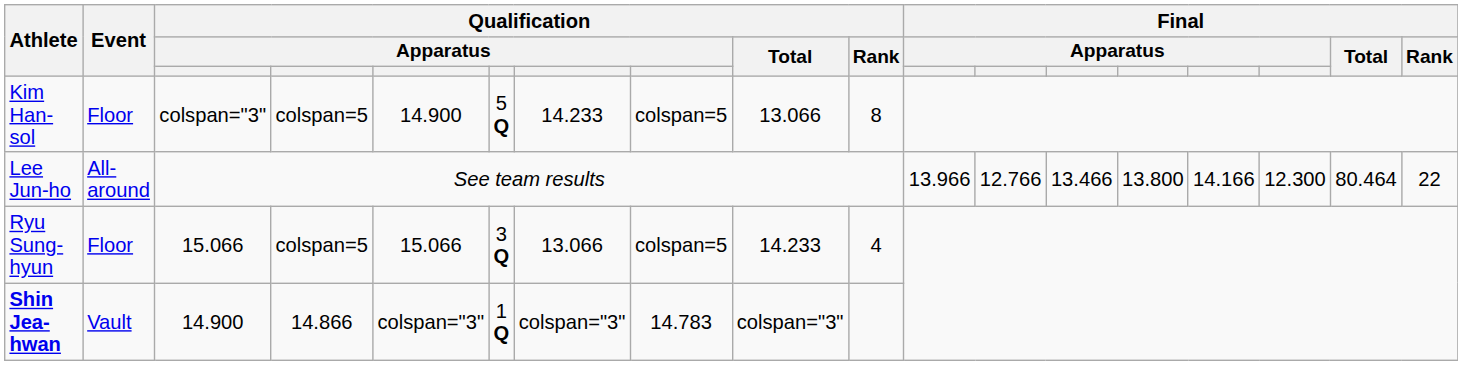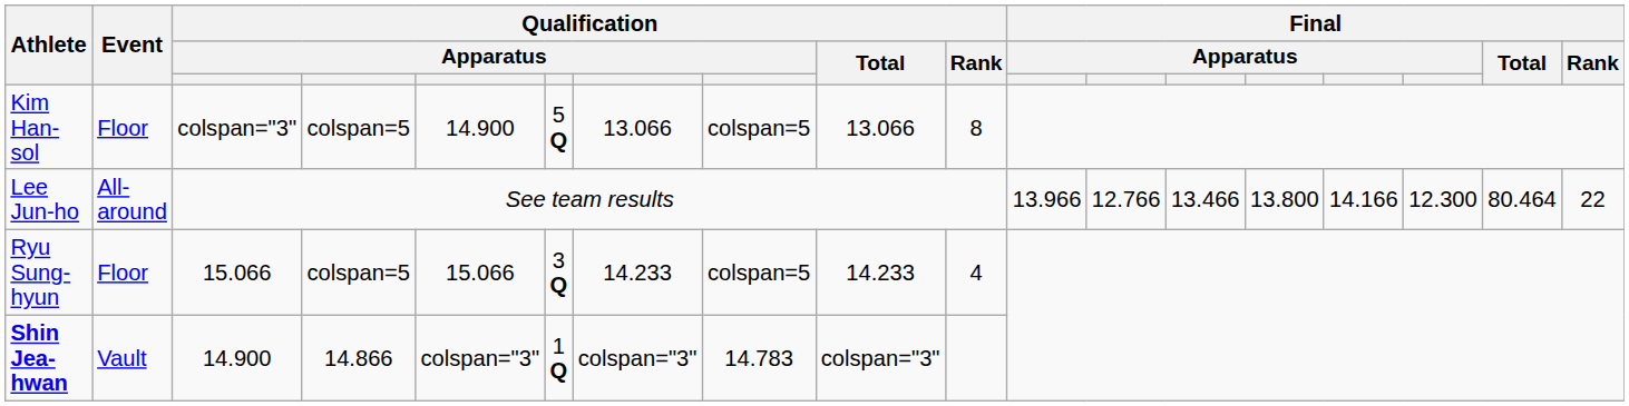 <table class="wikitable" style="font-size:90%; text-align:center">
 <tr>
 <th rowspan="3">Athlete</th>
 <th rowspan="3">Event</th>
 <th colspan="8">Qualification</th>
 <th colspan="8">Final</th>
 </tr>
 <tr style="font-size:95%">
 <th colspan="6">Apparatus</th>
 <th rowspan="2">Total</th>
 <th rowspan="2">Rank</th>
 <th colspan="6">Apparatus</th>
 <th rowspan="2">Total</th>
 <th rowspan="2">Rank</th>
 </tr>
 <tr style="font-size:95%">
 <th></th>
 <th></th>
 <th></th>
 <th></th>
 <th></th>
 <th></th>
 <th></th>
 <th></th>
 <th></th>
 <th></th>
 <th></th>
 <th></th>
 </tr>
 <tr>
 <td style="text-align:left"><a href='#'>Kim Han-sol</a></td>
 <td style="text-align:left"><a href='#'>Floor</a></td>
 <td>colspan="3" </td>
 <td>colspan=5 </td>
 <td>14.900</td>
 <td>5 <strong>Q</strong></td>
-<td>14.233</td>
+<td>13.066</td>
 <td>colspan=5 </td>
 <td>13.066</td>
 <td>8</td>
 </tr>
 <tr>
 <td style="text-align:left"><a href='#'>Lee Jun-ho</a></td>
 <td style="text-align:left"><a href='#'>All-around</a></td>
 <td colspan=8><em>See team results</em></td>
 <td>13.966</td>
 <td>12.766</td>
 <td>13.466</td>
 <td>13.800</td>
 <td>14.166</td>
 <td>12.300</td>
 <td>80.464</td>
 <td>22</td>
 </tr>
 <tr>
 <td style="text-align:left"><a href='#'>Ryu Sung-hyun</a></td>
 <td style="text-align:left"><a href='#'>Floor</a></td>
 <td>15.066</td>
 <td>colspan=5 </td>
 <td>15.066</td>
 <td>3 <strong>Q</strong></td>
-<td>13.066</td>
+<td>14.233</td>
 <td>colspan=5 </td>
 <td>14.233</td>
 <td>4</td>
 </tr>
 <tr>
 <td style="text-align:left"><strong><a href='#'>Shin Jea-hwan</a></strong></td>
 <td style="text-align:left"><a href='#'>Vault</a></td>
 <td>14.900</td>
 <td>14.866</td>
 <td>colspan="3" </td>
 <td>1 <strong>Q</strong></td>
 <td>colspan="3" </td>
 <td>14.783</td>
 <td>colspan="3" </td>
 <td></td>
 </tr>
 </table>
